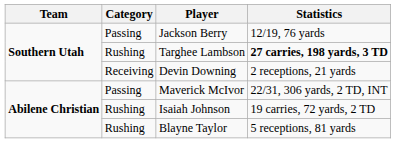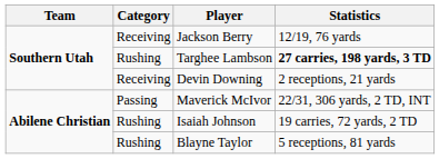 <table class="wikitable" style="float: right;">
 <tr>
 <th>Team</th>
 <th>Category</th>
 <th>Player</th>
 <th>Statistics</th>
 </tr>
 <tr>
 <td rowspan=3><strong>Southern Utah</strong></td>
-<td>Passing</td>
+<td>Receiving</td>
 <td>Jackson Berry</td>
 <td>12/19, 76 yards</td>
 </tr>
 <tr>
 <td>Rushing</td>
 <td>Targhee Lambson</td>
 <td><strong>27 carries, 198 yards, 3 TD</strong></td>
 </tr>
 <tr>
 <td>Receiving</td>
 <td>Devin Downing</td>
 <td>2 receptions, 21 yards</td>
 </tr>
 <tr>
 <td rowspan=3><strong>Abilene Christian</strong></td>
 <td>Passing</td>
 <td>Maverick McIvor</td>
 <td>22/31, 306 yards, 2 TD, INT</td>
 </tr>
 <tr>
 <td>Rushing</td>
 <td>Isaiah Johnson</td>
 <td>19 carries, 72 yards, 2 TD</td>
 </tr>
 <tr>
 <td>Rushing</td>
 <td>Blayne Taylor</td>
 <td>5 receptions, 81 yards</td>
 </tr>
 </table>
